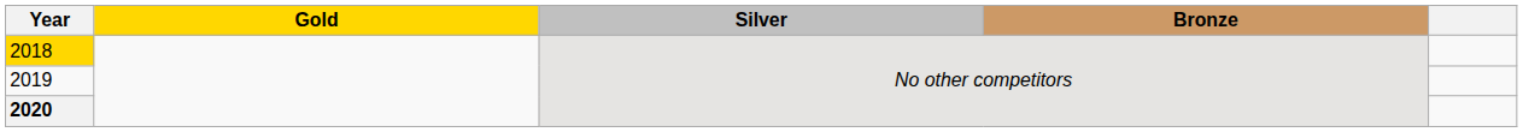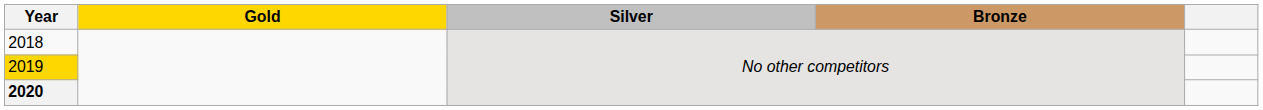 <table class="wikitable unsortable" style="text-align:left; width:80%">
 <tr>
 <th scope="col" style="text-align:center; width:5%">Year</th>
 <th scope="col" style="text-align:center; width:25%; background:gold">Gold</th>
 <th scope="col" style="text-align:center; width:25%; background:silver">Silver</th>
 <th scope="col" style="text-align:center; width:25%; background:#c96">Bronze</th>
 <th scope="col" style="text-align:center; width:5%"></th>
 </tr>
 <tr>
-<td style="background: gold;">2018</td>
+<td>2018</td>
 <td rowspan="3"></td>
 <td colspan="2" rowspan="3" align="center" bgcolor="e5e4e2"><em>No other competitors</em></td>
 <td></td>
 </tr>
 <tr>
-<td>2019</td>
+<td style="background: gold;">2019</td>
 <td></td>
 </tr>
 <tr>
 <th scope="row" style="text-align:left">2020</th>
 <td></td>
 </tr>
 </table>
